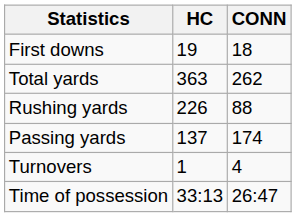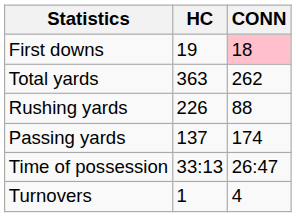 <table class="wikitable" style="float: left;">
 <tr>
 <th>Statistics</th>
 <th>HC</th>
 <th>CONN</th>
 </tr>
 <tr>
 <td>First downs</td>
 <td>19</td>
-<td>18</td>
+<td style="background: pink;">18</td>
 </tr>
 <tr>
 <td>Total yards</td>
 <td>363</td>
 <td>262</td>
 </tr>
 <tr>
 <td>Rushing yards</td>
 <td>226</td>
 <td>88</td>
 </tr>
 <tr>
 <td>Passing yards</td>
 <td>137</td>
 <td>174</td>
 </tr>
 <tr>
+<td>Time of possession</td>
+<td>33:13</td>
+<td>26:47</td>
+</tr>
+<tr>
 <td>Turnovers</td>
 <td>1</td>
 <td>4</td>
 </tr>
-<tr>
-<td>Time of possession</td>
-<td>33:13</td>
-<td>26:47</td>
-</tr>
 </table>
